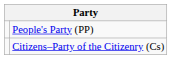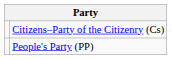 <table class="wikitable" style="text-align:left;">
 <tr>
 <th colspan="2">Party</th>
 </tr>
 <tr>
+<td></td>
+<td><a href='#'>Citizens–Party of the Citizenry</a> (Cs)</td>
+</tr>
+<tr>
 <td width="1"></td>
 <td><a href='#'>People's Party</a> (PP)</td>
 </tr>
-<tr>
-<td></td>
-<td><a href='#'>Citizens–Party of the Citizenry</a> (Cs)</td>
-</tr>
 </table>
